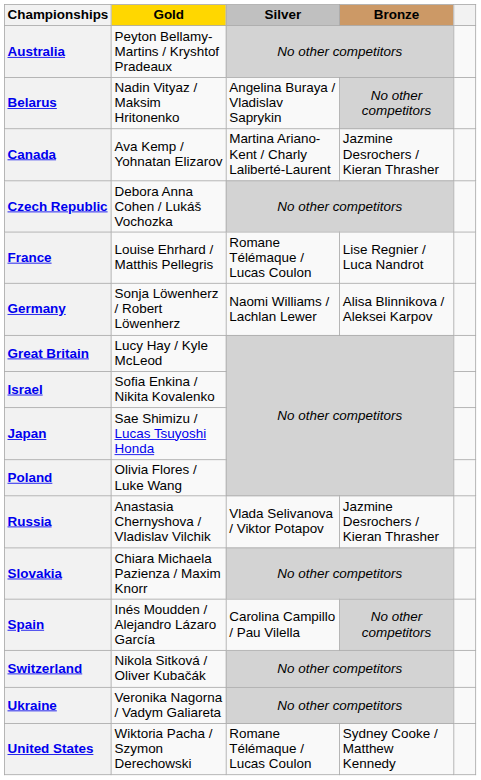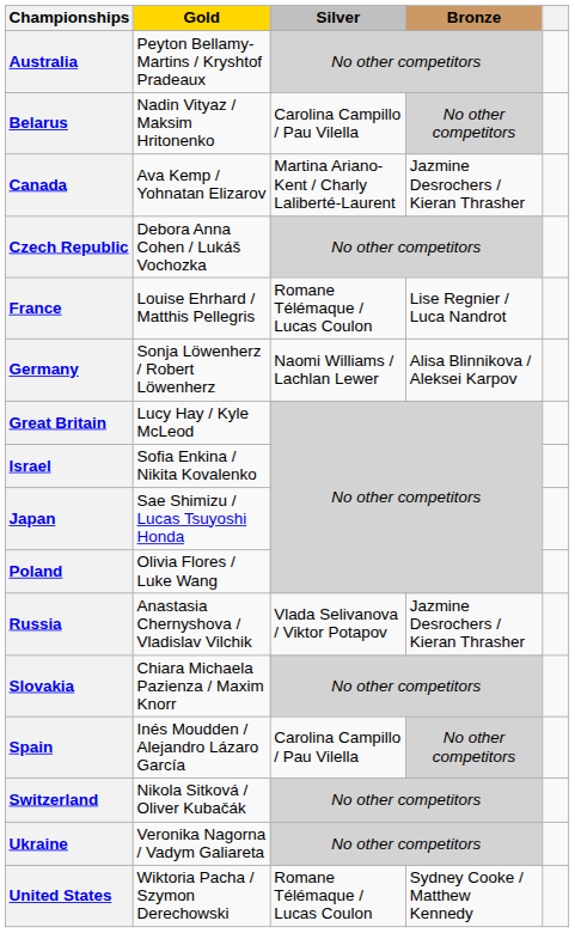 <table class="wikitable unsortable" style="text-align:left; width:90%;">
 <tr>
 <th scope="col" style="text-align:center; width:20%;">Championships</th>
 <td scope="col" style="text-align:center; width:25%; background:gold"><strong>Gold</strong></td>
 <td scope="col" style="text-align:center; width:25%; background:silver"><strong>Silver</strong></td>
 <td scope="col" style="text-align:center; width:25%; background:#c96"><strong>Bronze</strong></td>
 <th scope="col" style="text-align:center; width:5%;"></th>
 </tr>
 <tr>
 <th scope="row" style="text-align:left"> <a href='#'>Australia</a></th>
 <td>Peyton Bellamy-Martins / Kryshtof Pradeaux</td>
 <td colspan=2 align="center" bgcolor="lightgray"><em>No other competitors</em></td>
 <td></td>
 </tr>
 <tr>
 <th scope="row" style="text-align:left"> <a href='#'>Belarus</a></th>
 <td>Nadin Vityaz / Maksim Hritonenko</td>
-<td>Angelina Buraya / Vladislav Saprykin</td>
+<td>Carolina Campillo / Pau Vilella</td>
 <td align="center" bgcolor="lightgray"><em>No other competitors</em></td>
 <td></td>
 </tr>
 <tr>
 <th scope="row" style="text-align:left"> <a href='#'>Canada</a></th>
 <td>Ava Kemp / Yohnatan Elizarov</td>
 <td>Martina Ariano-Kent / Charly Laliberté-Laurent</td>
 <td>Jazmine Desrochers / Kieran Thrasher</td>
 <td></td>
 </tr>
 <tr>
 <th scope="row" style="text-align:left"> <a href='#'>Czech Republic</a></th>
 <td>Debora Anna Cohen / Lukáš Vochozka</td>
 <td colspan="2" align="center" bgcolor="lightgray"><em>No other competitors</em></td>
 <td></td>
 </tr>
 <tr>
 <th scope="row" style="text-align:left"> <a href='#'>France</a></th>
 <td>Louise Ehrhard / Matthis Pellegris</td>
 <td>Romane Télémaque / Lucas Coulon</td>
 <td>Lise Regnier / Luca Nandrot</td>
 <td></td>
 </tr>
 <tr>
 <th scope="row" style="text-align:left"> <a href='#'>Germany</a></th>
 <td>Sonja Löwenherz / Robert Löwenherz</td>
 <td>Naomi Williams / Lachlan Lewer</td>
 <td>Alisa Blinnikova / Aleksei Karpov</td>
 <td></td>
 </tr>
 <tr>
 <th scope="row" style="text-align:left"> <a href='#'>Great Britain</a></th>
 <td>Lucy Hay / Kyle McLeod</td>
 <td colspan="2" rowspan="4" align="center" bgcolor="lightgray"><em>No other competitors</em></td>
 <td></td>
 </tr>
 <tr>
 <th scope="row" style="text-align:left"> <a href='#'>Israel</a></th>
 <td>Sofia Enkina / Nikita Kovalenko</td>
 <td></td>
 </tr>
 <tr>
 <th scope="row" style="text-align:left"> <a href='#'>Japan</a></th>
 <td>Sae Shimizu / <a href='#'>Lucas Tsuyoshi Honda</a></td>
 <td></td>
 </tr>
 <tr>
 <th scope="row" style="text-align:left"> <a href='#'>Poland</a></th>
 <td>Olivia Flores / Luke Wang</td>
 <td></td>
 </tr>
 <tr>
 <th scope="row" style="text-align:left"> <a href='#'>Russia</a></th>
 <td>Anastasia Chernyshova / Vladislav Vilchik</td>
 <td>Vlada Selivanova / Viktor Potapov</td>
 <td>Jazmine Desrochers / Kieran Thrasher</td>
 <td></td>
 </tr>
 <tr>
 <th scope="row" style="text-align:left"> <a href='#'>Slovakia</a></th>
 <td>Chiara Michaela Pazienza / Maxim Knorr</td>
 <td colspan="2" align="center" bgcolor="lightgray"><em>No other competitors</em></td>
 <td></td>
 </tr>
 <tr>
 <th scope="row" style="text-align:left"> <a href='#'>Spain</a></th>
 <td>Inés Moudden / Alejandro Lázaro García</td>
 <td>Carolina Campillo / Pau Vilella</td>
 <td align="center" bgcolor="lightgray"><em>No other competitors</em></td>
 <td></td>
 </tr>
 <tr>
 <th scope="row" style="text-align:left"> <a href='#'>Switzerland</a></th>
 <td>Nikola Sitková / Oliver Kubačák</td>
 <td colspan="2" align="center" bgcolor="lightgray"><em>No other competitors</em></td>
 <td></td>
 </tr>
 <tr>
 <th scope="row" style="text-align:left"> <a href='#'>Ukraine</a></th>
 <td>Veronika Nagorna / Vadym Galiareta</td>
 <td colspan="2" align="center" bgcolor="lightgray"><em>No other competitors</em></td>
 <td></td>
 </tr>
 <tr>
 <th scope="row" style="text-align:left"> <a href='#'>United States</a></th>
 <td>Wiktoria Pacha / Szymon Derechowski</td>
 <td>Romane Télémaque / Lucas Coulon</td>
 <td>Sydney Cooke / Matthew Kennedy</td>
 <td></td>
 </tr>
 </table>
